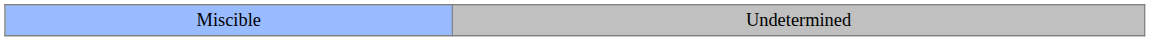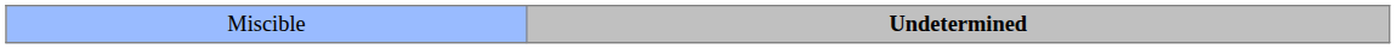 <table border=2 cellpadding=4 style="margin-left:auto;margin-right:auto;text-align:center;background:silver;border:1px solid gray;border-collapse:collapse;width:50%;font-size:100%;">
 <tr>
 </tr>
 <tr>
 <td style = "background:#99bbff">Miscible</td>
-<td style = "background:silver">Undetermined</td>
+<td style = "background:silver"><strong>Undetermined</strong></td>
 </tr>
 <tr>
 </tr>
 </table>
